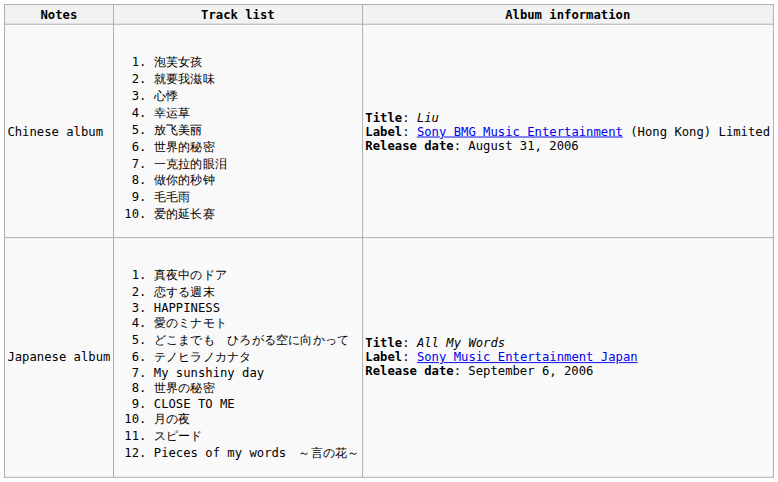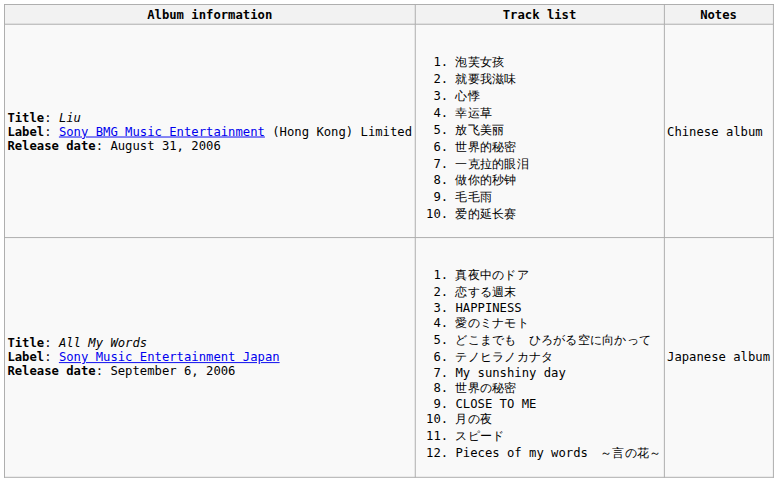 <table class="wikitable">
 <tr>
+<th>Album information</th>
+<th>Track list</th>
 <th>Notes</th>
-<th>Track list</th>
-<th>Album information</th>
 </tr>
 <tr>
+<td><strong>Title</strong>: <em>Liu</em><br><strong>Label</strong>: <a href='#'>Sony BMG Music Entertainment</a> (Hong Kong) Limited<br><strong>Release date</strong>: August 31, 2006</td>
+<td><br><ol><li>泡芙女孩</li><li>就要我滋味</li><li>心悸</li><li>幸运草</li><li>放飞美丽</li><li>世界的秘密</li><li>一克拉的眼泪</li><li>做你的秒钟</li><li>毛毛雨</li><li>爱的延长赛</li></ol></td>
 <td>Chinese album</td>
-<td><br><ol><li>泡芙女孩</li><li>就要我滋味</li><li>心悸</li><li>幸运草</li><li>放飞美丽</li><li>世界的秘密</li><li>一克拉的眼泪</li><li>做你的秒钟</li><li>毛毛雨</li><li>爱的延长赛</li></ol></td>
-<td><strong>Title</strong>: <em>Liu</em><br><strong>Label</strong>: <a href='#'>Sony BMG Music Entertainment</a> (Hong Kong) Limited<br><strong>Release date</strong>: August 31, 2006</td>
 </tr>
 <tr>
+<td><strong>Title</strong>: <em>All My Words</em><br><strong>Label</strong>: <a href='#'>Sony Music Entertainment Japan</a><br><strong>Release date</strong>: September 6, 2006</td>
+<td><br><ol><li>真夜中のドア</li><li>恋する週末</li><li>HAPPINESS</li><li>愛のミナモト</li><li>どこまでも　ひろがる空に向かって</li><li>テノヒラノカナタ</li><li>My sunshiny day</li><li>世界の秘密</li><li>CLOSE TO ME</li><li>月の夜</li><li>スピード</li><li>Pieces of my words　～言の花～</li></ol></td>
 <td>Japanese album</td>
-<td><br><ol><li>真夜中のドア</li><li>恋する週末</li><li>HAPPINESS</li><li>愛のミナモト</li><li>どこまでも　ひろがる空に向かって</li><li>テノヒラノカナタ</li><li>My sunshiny day</li><li>世界の秘密</li><li>CLOSE TO ME</li><li>月の夜</li><li>スピード</li><li>Pieces of my words　～言の花～</li></ol></td>
-<td><strong>Title</strong>: <em>All My Words</em><br><strong>Label</strong>: <a href='#'>Sony Music Entertainment Japan</a><br><strong>Release date</strong>: September 6, 2006</td>
 </tr>
 </table>
